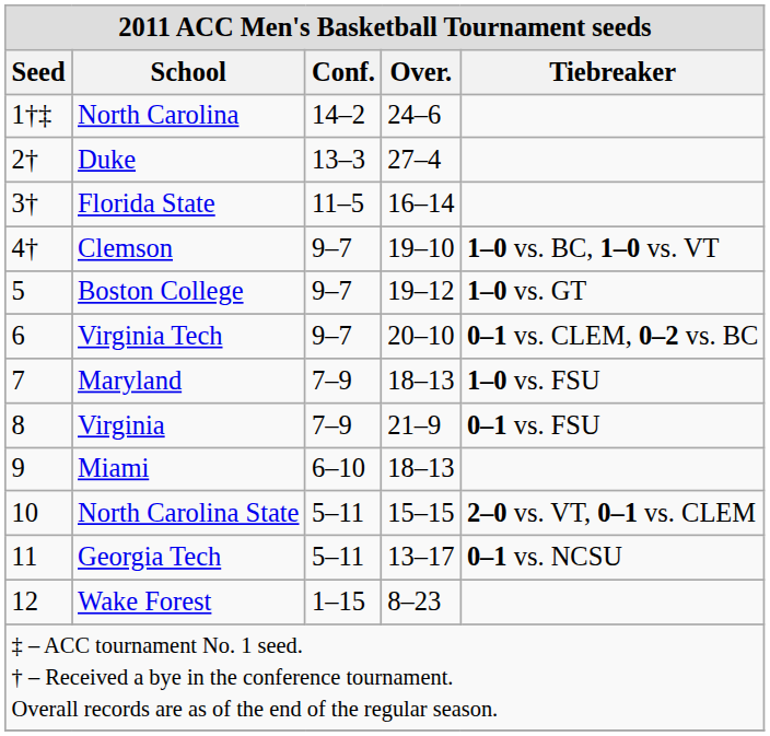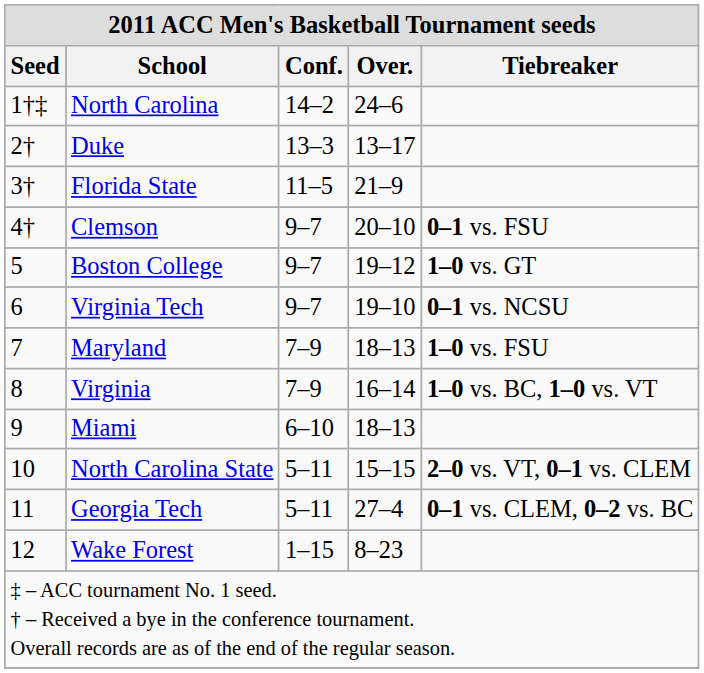 <table class="wikitable" style="white-space:nowrap; font-size:90%;">
 <tr>
 <td colspan="7" style="text-align:center; background:#DDDDDD; font:#000000"><strong>2011 ACC Men's Basketball Tournament seeds</strong></td>
 </tr>
 <tr bgcolor="#efefef">
 <th>Seed</th>
 <th>School</th>
 <th>Conf.</th>
 <th>Over.</th>
 <th>Tiebreaker</th>
 </tr>
 <tr>
 <td>1†‡</td>
 <td><a href='#'>North Carolina</a></td>
 <td>14–2</td>
 <td>24–6</td>
 <td></td>
 </tr>
 <tr>
 <td>2†</td>
 <td><a href='#'>Duke</a></td>
 <td>13–3</td>
-<td>27–4</td>
+<td>13–17</td>
 <td></td>
 </tr>
 <tr>
 <td>3†</td>
 <td><a href='#'>Florida State</a></td>
 <td>11–5</td>
-<td>16–14</td>
+<td>21–9</td>
 <td></td>
 </tr>
 <tr>
 <td>4†</td>
 <td><a href='#'>Clemson</a></td>
 <td>9–7</td>
-<td>19–10</td>
-<td><strong>1–0</strong> vs. BC, <strong>1–0</strong> vs. VT</td>
+<td>20–10</td>
+<td><strong>0–1</strong> vs. FSU</td>
 </tr>
 <tr>
 <td>5</td>
 <td><a href='#'>Boston College</a></td>
 <td>9–7</td>
 <td>19–12</td>
 <td><strong>1–0</strong> vs. GT</td>
 </tr>
 <tr>
 <td>6</td>
 <td><a href='#'>Virginia Tech</a></td>
 <td>9–7</td>
-<td>20–10</td>
-<td><strong>0–1</strong> vs. CLEM, <strong>0–2</strong> vs. BC</td>
+<td>19–10</td>
+<td><strong>0–1</strong> vs. NCSU</td>
 </tr>
 <tr>
 <td>7</td>
 <td><a href='#'>Maryland</a></td>
 <td>7–9</td>
 <td>18–13</td>
 <td><strong>1–0</strong> vs. FSU</td>
 </tr>
 <tr>
 <td>8</td>
 <td><a href='#'>Virginia</a></td>
 <td>7–9</td>
-<td>21–9</td>
-<td><strong>0–1</strong> vs. FSU</td>
+<td>16–14</td>
+<td><strong>1–0</strong> vs. BC, <strong>1–0</strong> vs. VT</td>
 </tr>
 <tr>
 <td>9</td>
 <td><a href='#'>Miami</a></td>
 <td>6–10</td>
 <td>18–13</td>
 <td></td>
 </tr>
 <tr>
 <td>10</td>
 <td><a href='#'>North Carolina State</a></td>
 <td>5–11</td>
 <td>15–15</td>
 <td><strong>2–0</strong> vs. VT, <strong>0–1</strong> vs. CLEM</td>
 </tr>
 <tr>
 <td>11</td>
 <td><a href='#'>Georgia Tech</a></td>
 <td>5–11</td>
-<td>13–17</td>
-<td><strong>0–1</strong> vs. NCSU</td>
+<td>27–4</td>
+<td><strong>0–1</strong> vs. CLEM, <strong>0–2</strong> vs. BC</td>
 </tr>
 <tr>
 <td>12</td>
 <td><a href='#'>Wake Forest</a></td>
 <td>1–15</td>
 <td>8–23</td>
 <td></td>
 </tr>
 <tr>
 <td colspan="6" style="text-align:left;"><small>‡ – ACC tournament No. 1 seed.<br>† – Received a bye in the conference tournament.<br>Overall records are as of the end of the regular season.</small></td>
 </tr>
 <tr>
 </tr>
 </table>
